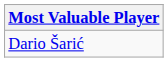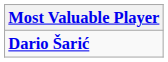 <table class="wikitable">
 <tr>
 <th><a href='#'>Most Valuable Player</a></th>
 </tr>
 <tr>
-<td> <a href='#'>Dario Šarić</a></td>
+<td><strong> <a href='#'>Dario Šarić</a></strong></td>
 </tr>
 </table>
